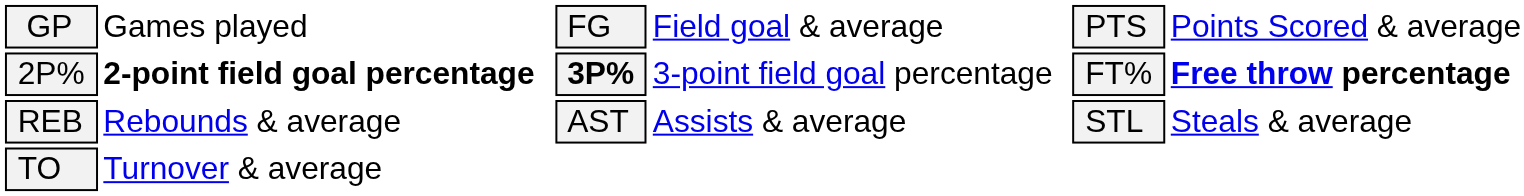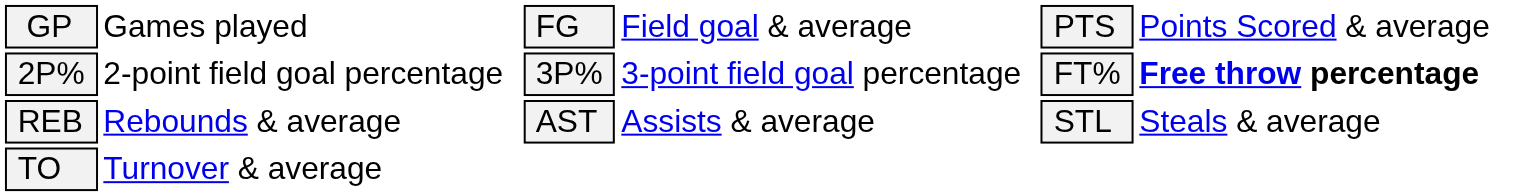 <table class="toccolours" style="white-space: nowrap;">
 <tr>
 <td style="background-color: #F2F2F2; border: 1px solid black;">  GP</td>
 <td>Games played</td>
 <td style="background-color: #F2F2F2; border: 1px solid black;"> FG </td>
 <td style="padding-right: 8px"><a href='#'>Field goal</a> & average</td>
 <td style="background-color: #F2F2F2; border: 1px solid black;"> PTS </td>
 <td><a href='#'>	Points Scored</a> & average</td>
 </tr>
 <tr>
 <td style="background-color: #F2F2F2; border: 1px solid black"> 2P% </td>
-<td style="padding-right: 8px"><strong>2-point field goal percentage</strong></td>
-<td style="background-color: #F2F2F2; border: 1px solid black"><strong> 3P% </strong></td>
+<td style="padding-right: 8px">2-point field goal percentage</td>
+<td style="background-color: #F2F2F2; border: 1px solid black"> 3P% </td>
 <td style="padding-right: 8px"><a href='#'>3-point field goal</a> percentage</td>
 <td style="background-color: #F2F2F2; border: 1px solid black"> FT% </td>
 <td><strong><a href='#'>Free throw</a> percentage</strong></td>
 </tr>
 <tr>
 <td style="background-color: #F2F2F2; border: 1px solid black;"> REB </td>
 <td><a href='#'>Rebounds</a> & average</td>
 <td style="background-color: #F2F2F2; border: 1px solid black"> AST </td>
 <td><a href='#'>Assists</a> & average</td>
 <td style="background-color: #F2F2F2; border: 1px solid black"> STL </td>
 <td><a href='#'>Steals</a> & average</td>
 </tr>
 <tr>
 <td style="background-color: #F2F2F2; border: 1px solid black;"> TO </td>
 <td><a href='#'>Turnover</a> & average</td>
 </tr>
 </table>
